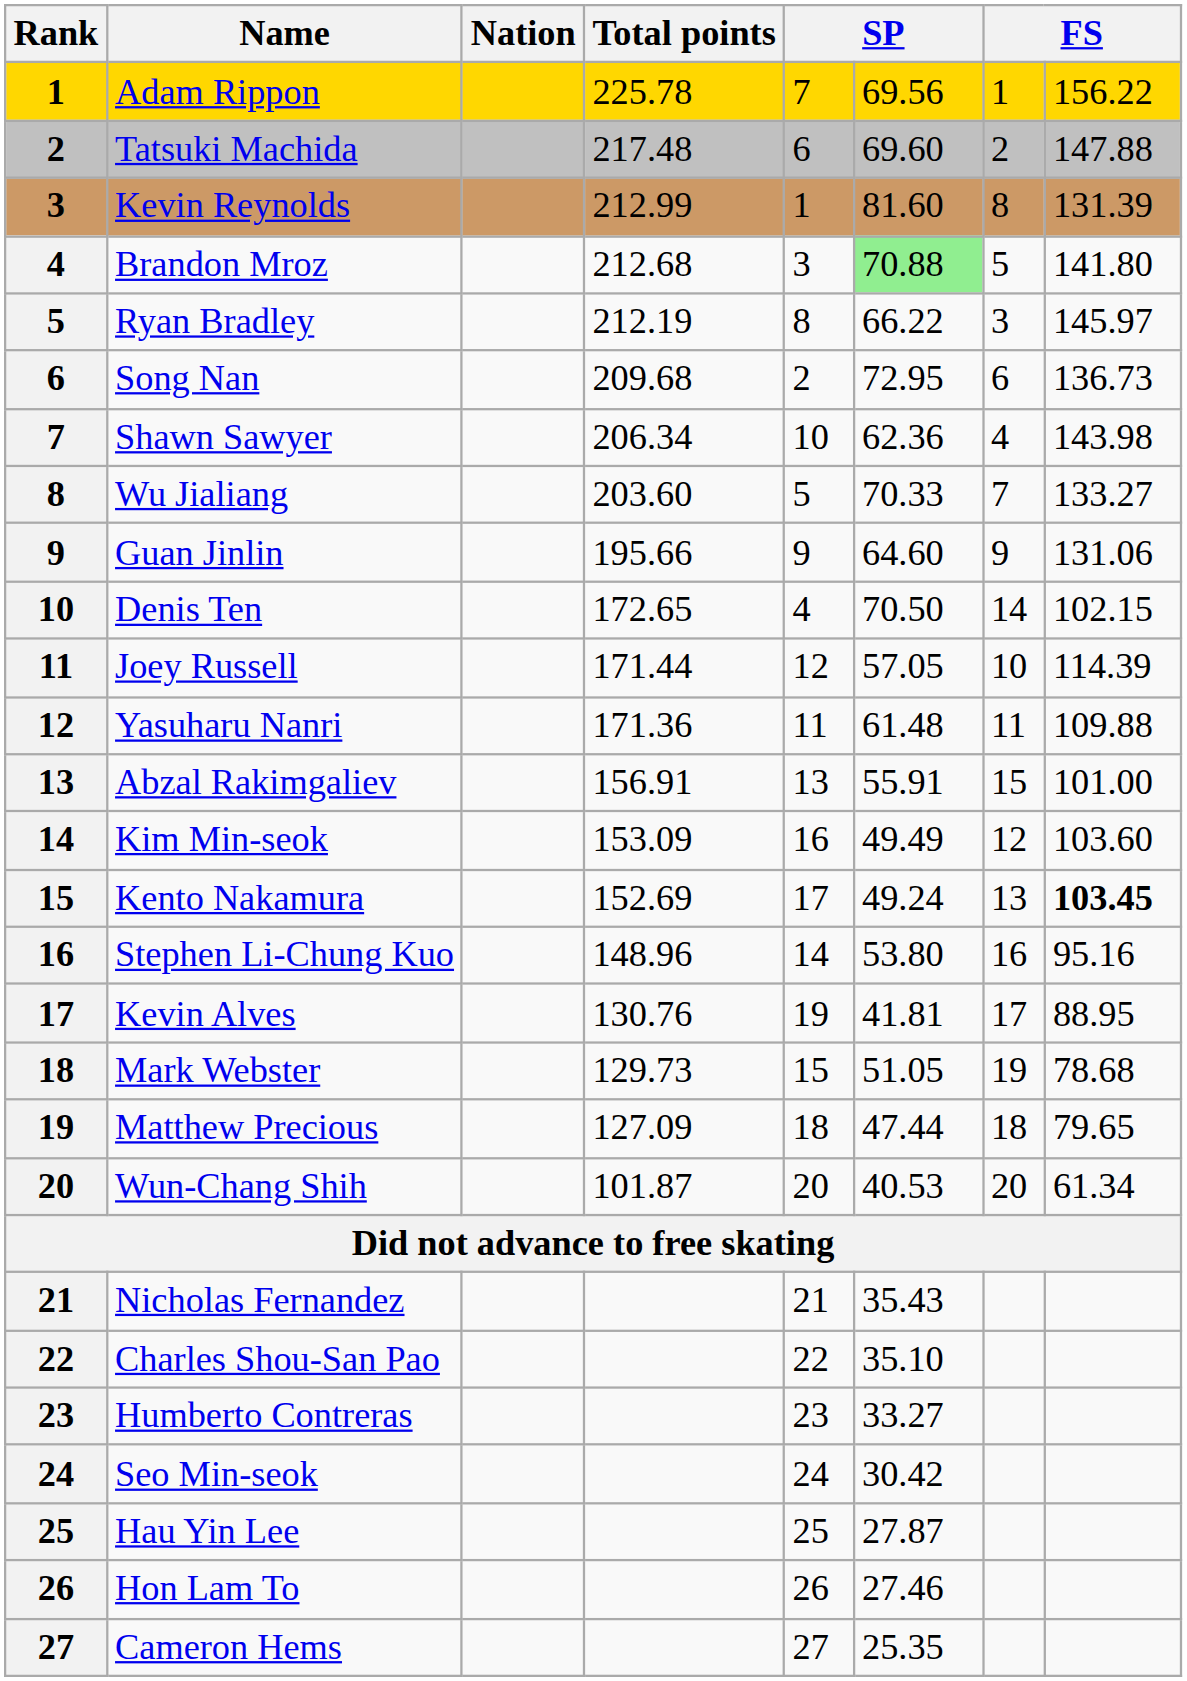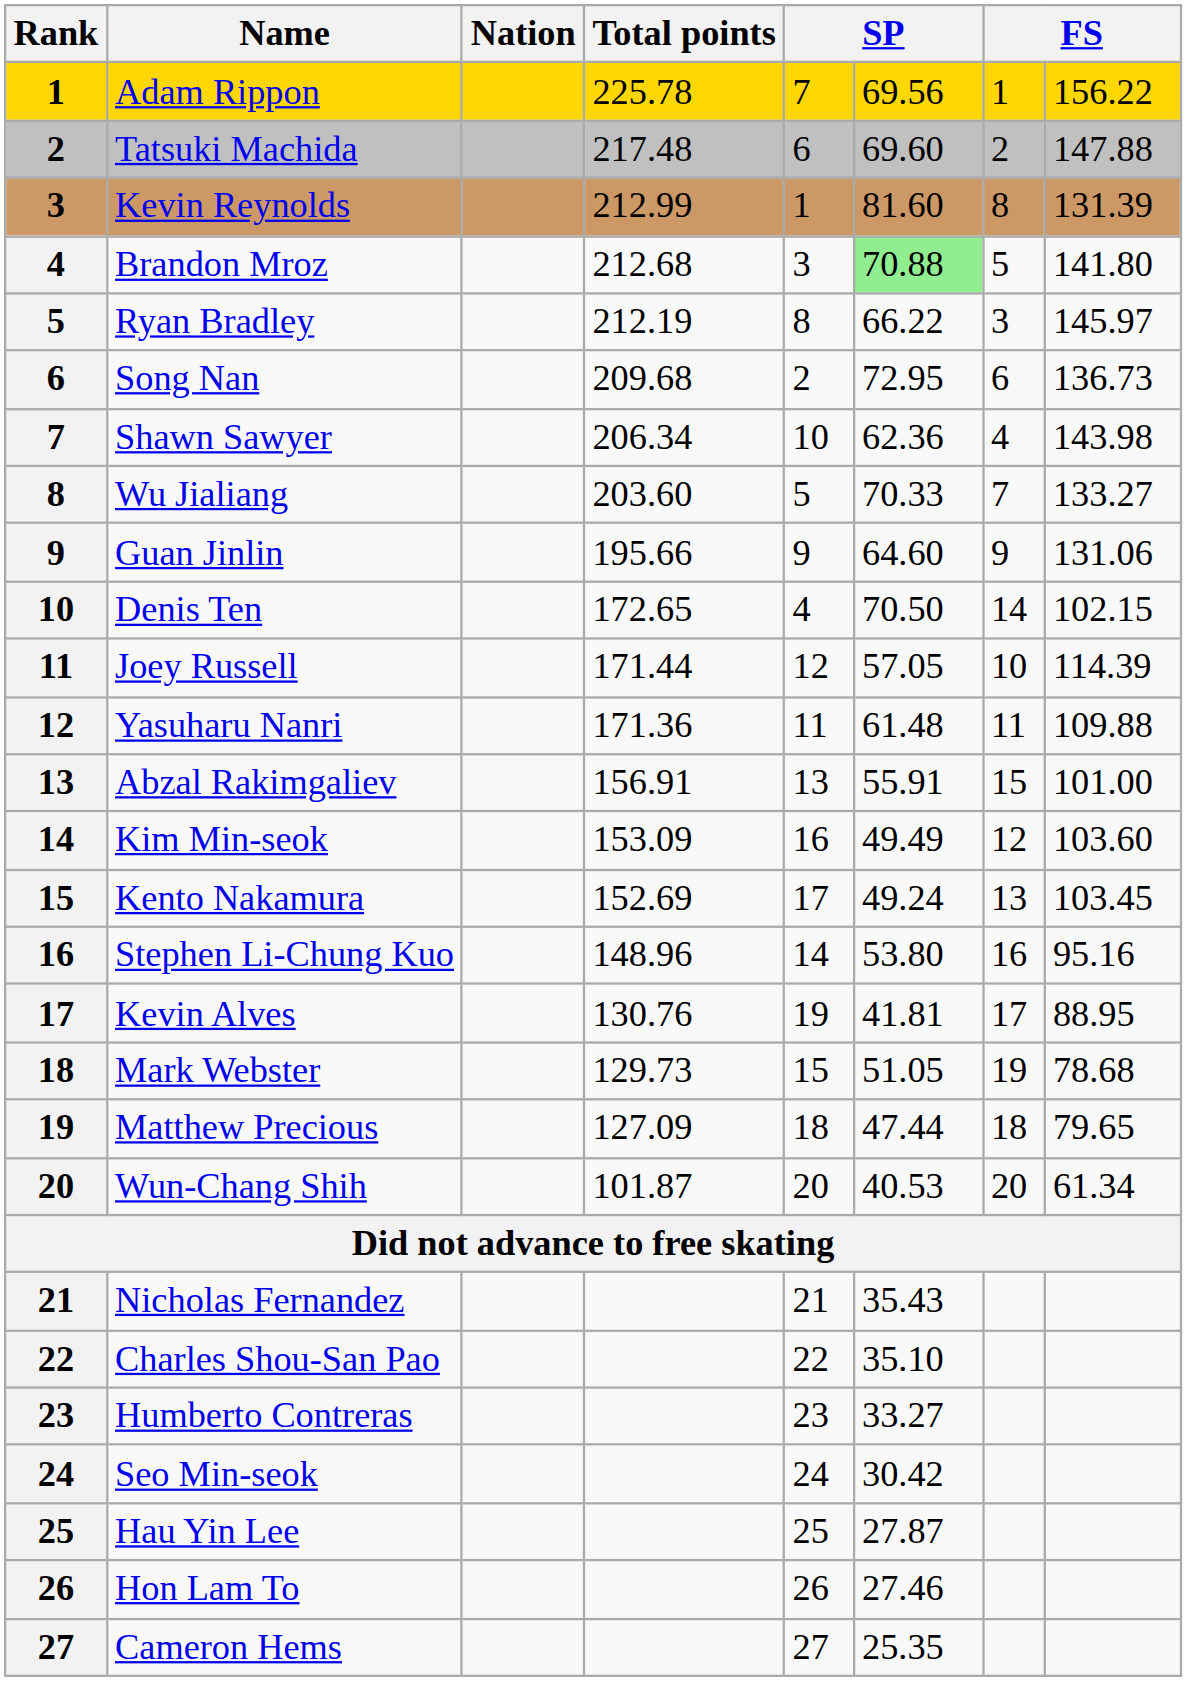 <table class="wikitable sortable">
 <tr>
 <th>Rank</th>
 <th>Name</th>
 <th>Nation</th>
 <th>Total points</th>
 <th colspan="2" width="80px"><a href='#'>SP</a></th>
 <th colspan="2" width="80px"><a href='#'>FS</a></th>
 </tr>
 <tr bgcolor="gold">
 <td align="center"><strong>1</strong></td>
 <td><a href='#'>Adam Rippon</a></td>
 <td></td>
 <td>225.78</td>
 <td>7</td>
 <td>69.56</td>
 <td>1</td>
 <td>156.22</td>
 </tr>
 <tr bgcolor="silver">
 <td align="center"><strong>2</strong></td>
 <td><a href='#'>Tatsuki Machida</a></td>
 <td></td>
 <td>217.48</td>
 <td>6</td>
 <td>69.60</td>
 <td>2</td>
 <td>147.88</td>
 </tr>
 <tr bgcolor="cc9966">
 <td align="center"><strong>3</strong></td>
 <td><a href='#'>Kevin Reynolds</a></td>
 <td></td>
 <td>212.99</td>
 <td>1</td>
 <td>81.60</td>
 <td>8</td>
 <td>131.39</td>
 </tr>
 <tr>
 <th>4</th>
 <td><a href='#'>Brandon Mroz</a></td>
 <td></td>
 <td>212.68</td>
 <td>3</td>
 <td style="background: lightgreen;">70.88</td>
 <td>5</td>
 <td>141.80</td>
 </tr>
 <tr>
 <th>5</th>
 <td><a href='#'>Ryan Bradley</a></td>
 <td></td>
 <td>212.19</td>
 <td>8</td>
 <td>66.22</td>
 <td>3</td>
 <td>145.97</td>
 </tr>
 <tr>
 <th>6</th>
 <td><a href='#'>Song Nan</a></td>
 <td></td>
 <td>209.68</td>
 <td>2</td>
 <td>72.95</td>
 <td>6</td>
 <td>136.73</td>
 </tr>
 <tr>
 <th>7</th>
 <td><a href='#'>Shawn Sawyer</a></td>
 <td></td>
 <td>206.34</td>
 <td>10</td>
 <td>62.36</td>
 <td>4</td>
 <td>143.98</td>
 </tr>
 <tr>
 <th>8</th>
 <td><a href='#'>Wu Jialiang</a></td>
 <td></td>
 <td>203.60</td>
 <td>5</td>
 <td>70.33</td>
 <td>7</td>
 <td>133.27</td>
 </tr>
 <tr>
 <th>9</th>
 <td><a href='#'>Guan Jinlin</a></td>
 <td></td>
 <td>195.66</td>
 <td>9</td>
 <td>64.60</td>
 <td>9</td>
 <td>131.06</td>
 </tr>
 <tr>
 <th>10</th>
 <td><a href='#'>Denis Ten</a></td>
 <td></td>
 <td>172.65</td>
 <td>4</td>
 <td>70.50</td>
 <td>14</td>
 <td>102.15</td>
 </tr>
 <tr>
 <th>11</th>
 <td><a href='#'>Joey Russell</a></td>
 <td></td>
 <td>171.44</td>
 <td>12</td>
 <td>57.05</td>
 <td>10</td>
 <td>114.39</td>
 </tr>
 <tr>
 <th>12</th>
 <td><a href='#'>Yasuharu Nanri</a></td>
 <td></td>
 <td>171.36</td>
 <td>11</td>
 <td>61.48</td>
 <td>11</td>
 <td>109.88</td>
 </tr>
 <tr>
 <th>13</th>
 <td><a href='#'>Abzal Rakimgaliev</a></td>
 <td></td>
 <td>156.91</td>
 <td>13</td>
 <td>55.91</td>
 <td>15</td>
 <td>101.00</td>
 </tr>
 <tr>
 <th>14</th>
 <td><a href='#'>Kim Min-seok</a></td>
 <td></td>
 <td>153.09</td>
 <td>16</td>
 <td>49.49</td>
 <td>12</td>
 <td>103.60</td>
 </tr>
 <tr>
 <th>15</th>
 <td><a href='#'>Kento Nakamura</a></td>
 <td></td>
 <td>152.69</td>
 <td>17</td>
 <td>49.24</td>
 <td>13</td>
-<td><strong>103.45</strong></td>
+<td>103.45</td>
 </tr>
 <tr>
 <th>16</th>
 <td><a href='#'>Stephen Li-Chung Kuo</a></td>
 <td></td>
 <td>148.96</td>
 <td>14</td>
 <td>53.80</td>
 <td>16</td>
 <td>95.16</td>
 </tr>
 <tr>
 <th>17</th>
 <td><a href='#'>Kevin Alves</a></td>
 <td></td>
 <td>130.76</td>
 <td>19</td>
 <td>41.81</td>
 <td>17</td>
 <td>88.95</td>
 </tr>
 <tr>
 <th>18</th>
 <td><a href='#'>Mark Webster</a></td>
 <td></td>
 <td>129.73</td>
 <td>15</td>
 <td>51.05</td>
 <td>19</td>
 <td>78.68</td>
 </tr>
 <tr>
 <th>19</th>
 <td><a href='#'>Matthew Precious</a></td>
 <td></td>
 <td>127.09</td>
 <td>18</td>
 <td>47.44</td>
 <td>18</td>
 <td>79.65</td>
 </tr>
 <tr>
 <th>20</th>
 <td><a href='#'>Wun-Chang Shih</a></td>
 <td></td>
 <td>101.87</td>
 <td>20</td>
 <td>40.53</td>
 <td>20</td>
 <td>61.34</td>
 </tr>
 <tr>
 <th colspan=8>Did not advance to free skating</th>
 </tr>
 <tr>
 <th>21</th>
 <td><a href='#'>Nicholas Fernandez</a></td>
 <td></td>
 <td></td>
 <td>21</td>
 <td>35.43</td>
 <td></td>
 <td></td>
 </tr>
 <tr>
 <th>22</th>
 <td><a href='#'>Charles Shou-San Pao</a></td>
 <td></td>
 <td></td>
 <td>22</td>
 <td>35.10</td>
 <td></td>
 <td></td>
 </tr>
 <tr>
 <th>23</th>
 <td><a href='#'>Humberto Contreras</a></td>
 <td></td>
 <td></td>
 <td>23</td>
 <td>33.27</td>
 <td></td>
 <td></td>
 </tr>
 <tr>
 <th>24</th>
 <td><a href='#'>Seo Min-seok</a></td>
 <td></td>
 <td></td>
 <td>24</td>
 <td>30.42</td>
 <td></td>
 <td></td>
 </tr>
 <tr>
 <th>25</th>
 <td><a href='#'>Hau Yin Lee</a></td>
 <td></td>
 <td></td>
 <td>25</td>
 <td>27.87</td>
 <td></td>
 <td></td>
 </tr>
 <tr>
 <th>26</th>
 <td><a href='#'>Hon Lam To</a></td>
 <td></td>
 <td></td>
 <td>26</td>
 <td>27.46</td>
 <td></td>
 <td></td>
 </tr>
 <tr>
 <th>27</th>
 <td><a href='#'>Cameron Hems</a></td>
 <td></td>
 <td></td>
 <td>27</td>
 <td>25.35</td>
 <td></td>
 <td></td>
 </tr>
 </table>
